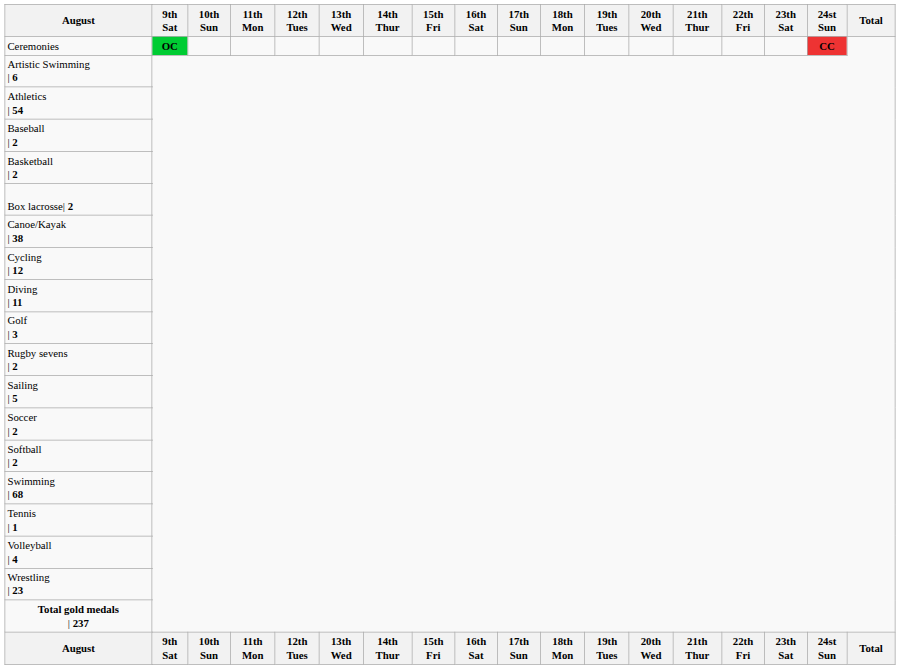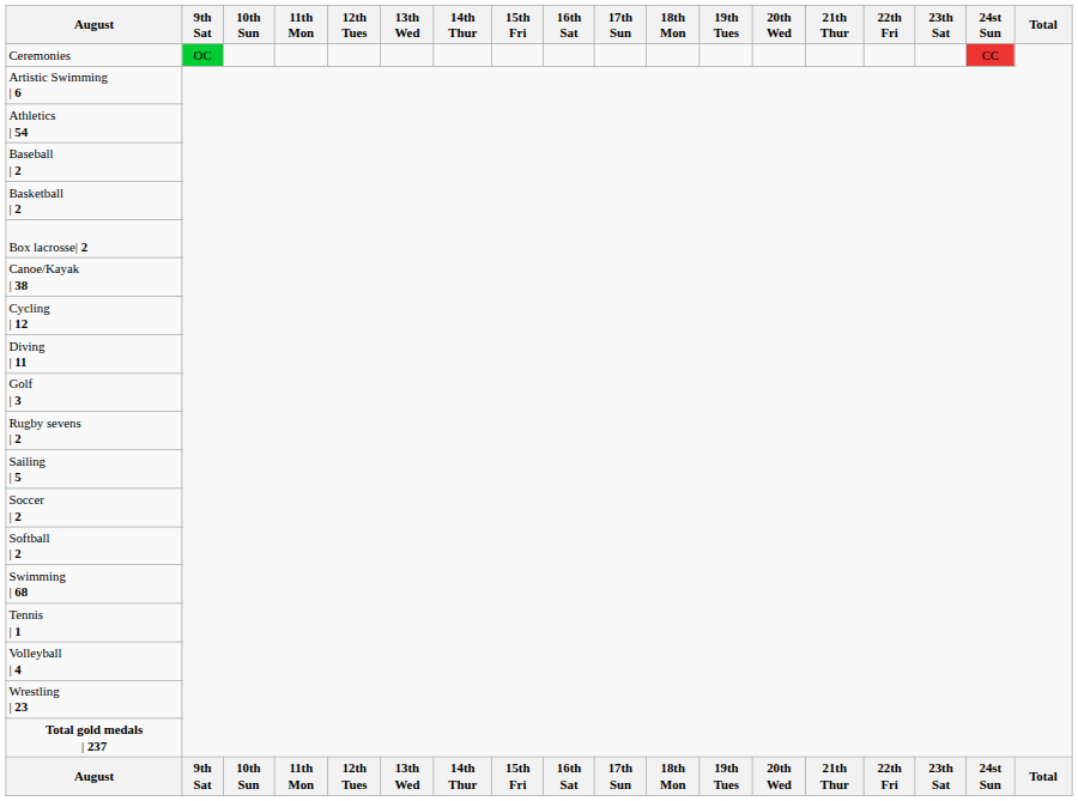 <table class="wikitable"  style="margin:0.5em auto; font-size:90%; line-height:1.25em; width:75%;">
 <tr>
 <th colspan=2>August</th>
 <th>9th<br>Sat</th>
 <th>10th<br>Sun</th>
 <th>11th<br>Mon</th>
 <th>12th<br>Tues</th>
 <th>13th<br>Wed</th>
 <th>14th<br>Thur</th>
 <th>15th<br>Fri</th>
 <th>16th<br>Sat</th>
 <th>17th<br>Sun</th>
 <th>18th<br>Mon</th>
 <th>19th<br>Tues</th>
 <th>20th<br>Wed</th>
 <th>21th<br>Thur</th>
 <th>22th<br>Fri</th>
 <th>23th<br>Sat</th>
 <th>24st<br>Sun</th>
 <th>Total</th>
 </tr>
 <tr>
 <td colspan=2>Ceremonies</td>
-<td style="background:#0c3; text-align:center;"><strong>OC</strong></td>
+<td style="background:#0c3; text-align:center;">OC</td>
 <td></td>
 <td></td>
 <td></td>
 <td></td>
 <td></td>
 <td></td>
 <td></td>
 <td></td>
 <td></td>
 <td></td>
 <td></td>
 <td></td>
 <td></td>
 <td></td>
-<td style="background:#e33; text-align:center;"><strong>CC</strong></td>
+<td style="background:#e33; text-align:center;">CC</td>
 </tr>
 <tr style="text-align:center;">
 <td colspan="2" style="text-align:left;"> Artistic Swimming<br>| <strong>6</strong></td>
 </tr>
 <tr style="text-align:center;">
 <td colspan="2" style="text-align:left;"> Athletics<br>| <strong>54</strong></td>
 </tr>
 <tr style="text-align:center;">
 <td colspan="2" style="text-align:left;"> Baseball<br>| <strong>2</strong></td>
 </tr>
 <tr style="text-align:center;">
 <td colspan="2" style="text-align:left;"> Basketball<br>| <strong>2</strong></td>
 </tr>
 <tr style="text-align:center;">
 <td colspan="2" style="text-align:left;"><br> Box lacrosse| <strong>2</strong></td>
 </tr>
 <tr style="text-align:center;">
 <td colspan="2" style="text-align:left;"> Canoe/Kayak<br>| <strong>38</strong></td>
 </tr>
 <tr style="text-align:center;">
 <td colspan="2" style="text-align:left;"> Cycling<br>| <strong>12</strong></td>
 </tr>
 <tr style="text-align:center;">
 <td colspan="2" style="text-align:left;"> Diving<br>| <strong>11</strong></td>
 </tr>
 <tr style="text-align:center;">
 <td colspan="2" style="text-align:left;"> Golf<br>| <strong>3</strong></td>
 </tr>
 <tr style="text-align:center;">
 <td colspan="2" style="text-align:left;"> Rugby sevens<br>| <strong>2</strong></td>
 </tr>
 <tr style="text-align:center;">
 <td colspan="2" style="text-align:left;"> Sailing<br>| <strong>5</strong></td>
 </tr>
 <tr style="text-align:center;">
 <td colspan="2" style="text-align:left;"> Soccer<br>| <strong>2</strong></td>
 </tr>
 <tr style="text-align:center;">
 <td colspan="2" style="text-align:left;"> Softball<br>| <strong>2</strong></td>
 </tr>
 <tr style="text-align:center;">
 <td colspan="2" style="text-align:left;"> Swimming<br>| <strong>68</strong></td>
 </tr>
 <tr style="text-align:center;">
 <td colspan="2" style="text-align:left;"> Tennis<br>| <strong>1</strong></td>
 </tr>
 <tr style="text-align:center;">
 <td colspan="2" style="text-align:left;"> Volleyball<br>| <strong>4</strong></td>
 </tr>
 <tr style="text-align:center;">
 <td colspan="2" style="text-align:left;"> Wrestling<br>| <strong>23</strong></td>
 </tr>
 <tr style="text-align:center;">
 <td colspan=2><strong>Total gold medals</strong><br>|  <strong>237</strong></td>
 </tr>
 <tr>
 <th colspan=2>August</th>
 <th>9th<br>Sat</th>
 <th>10th<br>Sun</th>
 <th>11th<br>Mon</th>
 <th>12th<br>Tues</th>
 <th>13th<br>Wed</th>
 <th>14th<br>Thur</th>
 <th>15th<br>Fri</th>
 <th>16th<br>Sat</th>
 <th>17th<br>Sun</th>
 <th>18th<br>Mon</th>
 <th>19th<br>Tues</th>
 <th>20th<br>Wed</th>
 <th>21th<br>Thur</th>
 <th>22th<br>Fri</th>
 <th>23th<br>Sat</th>
 <th>24st<br>Sun</th>
 <th>Total</th>
 </tr>
 </table>
